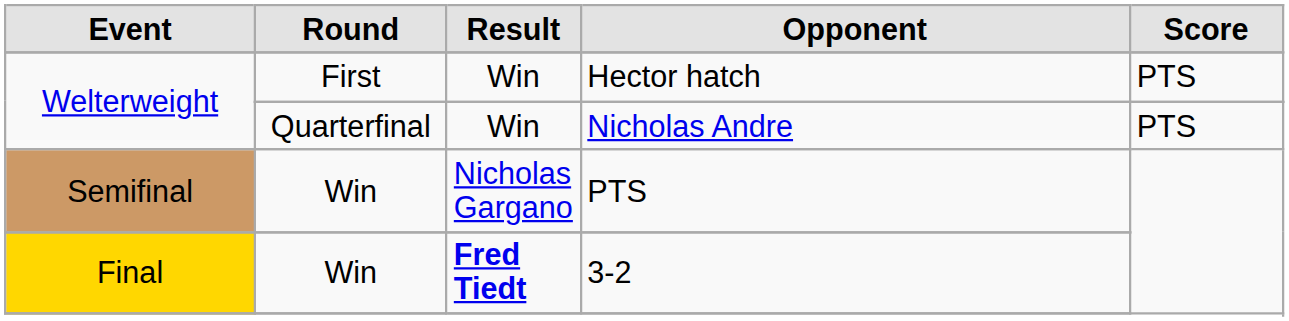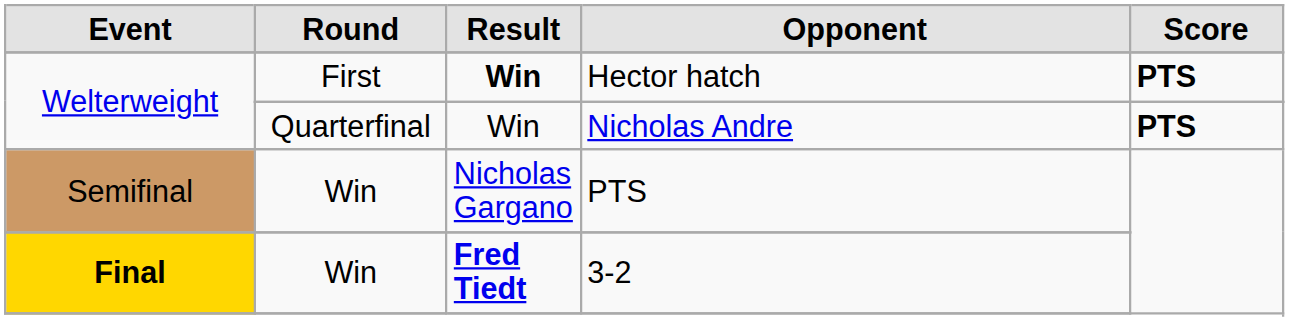 <table style='font-size: 85%; text-align: left;' class='wikitable' width='45%'>
 <tr>
 <th style='border-style: none none solid solid; background: #e3e3e3; wid 20%'><strong>Event</strong></th>
 <th style='border-style: none none solid solid; background: #e3e3e3; width: 15%'><strong>Round</strong></th>
 <th style='border-style: none none solid solid; background: #e3e3e3; width: 10%'><strong>Result</strong></th>
 <th style='border-style: none none solid solid; background: #e3e3e3; width: 43%'><strong>Opponent</strong></th>
 <th style='border-style: none none solid solid; background: #e3e3e3; width: 12%'><strong>Score</strong></th>
 </tr>
 <tr>
 </tr>
 <tr align=center>
 <td rowspan="4" style="text-align:center;"><a href='#'>Welterweight</a></td>
 <td align='center'>First</td>
-<td>Win</td>
+<td><strong>Win</strong></td>
 <td align='left'> Hector hatch</td>
-<td align='left'>PTS</td>
+<td align='left'><strong>PTS</strong></td>
 </tr>
 <tr>
 </tr>
 <tr align=center>
 <td align='center'>Quarterfinal</td>
 <td>Win</td>
 <td align='left'> <a href='#'>Nicholas Andre</a></td>
-<td align='left'>PTS</td>
+<td align='left'><strong>PTS</strong></td>
 </tr>
 <tr>
 </tr>
 <tr align=center>
 <td align='center'; bgcolor="#cc9966">Semifinal</td>
 <td>Win</td>
 <td align='left'> <a href='#'>Nicholas Gargano</a></td>
 <td align='left'>PTS</td>
 </tr>
 <tr>
 </tr>
 <tr align=center>
-<td align='center'; bgcolor="gold">Final</td>
+<td align='center'; bgcolor="gold"><strong>Final</strong></td>
 <td>Win</td>
 <td align='left'><strong> <a href='#'>Fred Tiedt</a></strong></td>
 <td align='left'>3-2</td>
 </tr>
 <tr>
 </tr>
 </table>
